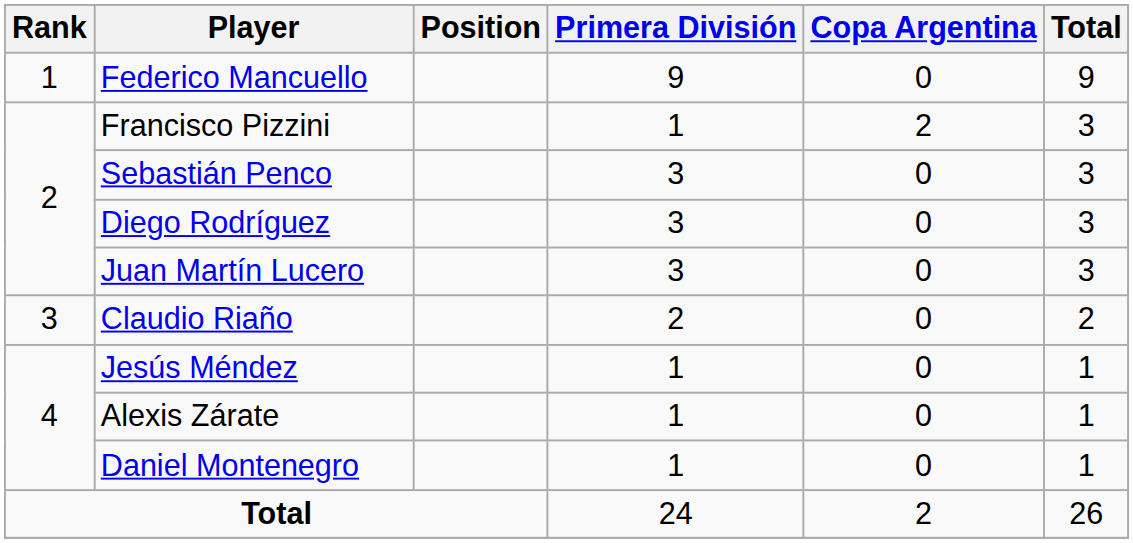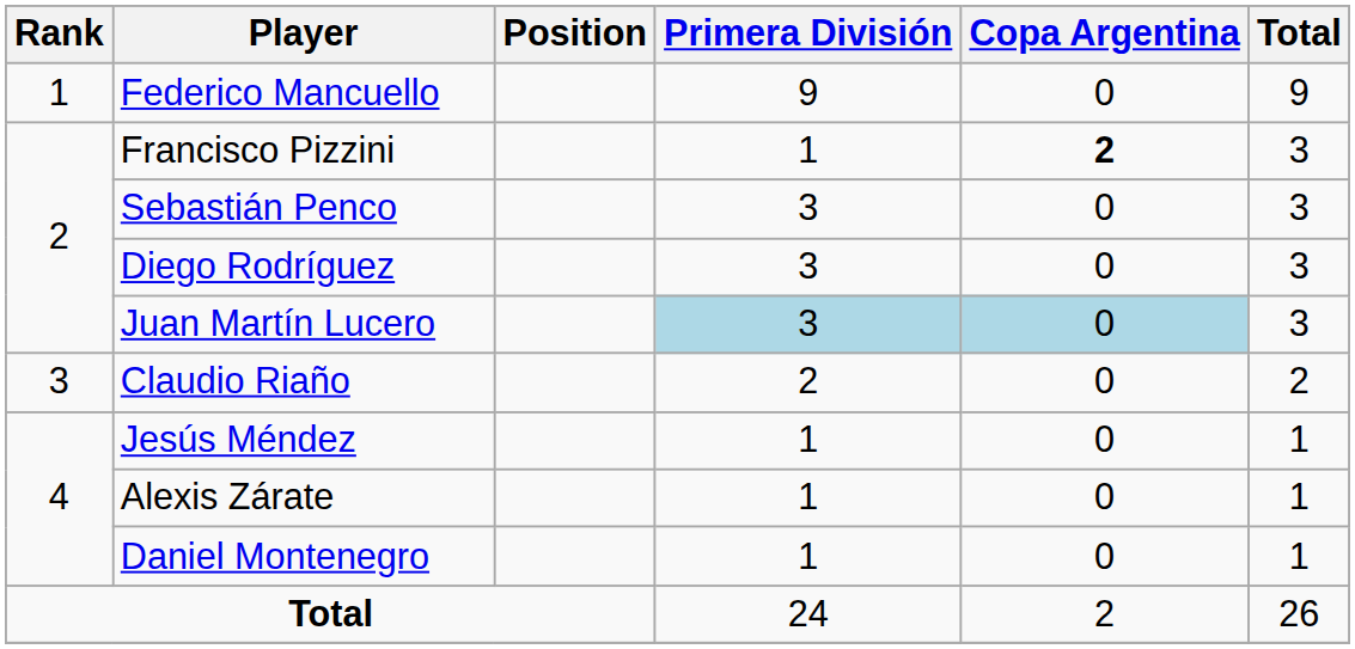 <table class="wikitable">
 <tr>
 <th>Rank</th>
 <th style="width:160px;">Player</th>
 <th>Position</th>
 <th><a href='#'>Primera División</a></th>
 <th><a href='#'>Copa Argentina</a></th>
 <th>Total</th>
 </tr>
 <tr>
 <td align=center>1</td>
 <td> <a href='#'>Federico Mancuello</a></td>
 <td align=center></td>
 <td align=center>9</td>
 <td align=center>0</td>
 <td align=center>9</td>
 </tr>
 <tr>
 <td align=center rowspan=4>2</td>
 <td> Francisco Pizzini</td>
 <td align=center></td>
 <td align=center>1</td>
-<td align=center>2</td>
+<td align=center><strong>2</strong></td>
 <td align=center>3</td>
 </tr>
 <tr>
 <td> <a href='#'>Sebastián Penco</a></td>
 <td align=center></td>
 <td align=center>3</td>
 <td align=center>0</td>
 <td align=center>3</td>
 </tr>
 <tr>
 <td> <a href='#'>Diego Rodríguez</a></td>
 <td align=center></td>
 <td align=center>3</td>
 <td align=center>0</td>
 <td align=center>3</td>
 </tr>
 <tr>
 <td> <a href='#'>Juan Martín Lucero</a></td>
 <td align=center></td>
-<td align=center>3</td>
-<td align=center>0</td>
+<td align=center style="background: lightblue;">3</td>
+<td align=center style="background: lightblue;">0</td>
 <td align=center>3</td>
 </tr>
 <tr>
 <td align=center>3</td>
 <td> <a href='#'>Claudio Riaño</a></td>
 <td align=center></td>
 <td align=center>2</td>
 <td align=center>0</td>
 <td align=center>2</td>
 </tr>
 <tr>
 <td align=center rowspan=3>4</td>
 <td> <a href='#'>Jesús Méndez</a></td>
 <td align=center></td>
 <td align=center>1</td>
 <td align=center>0</td>
 <td align=center>1</td>
 </tr>
 <tr>
 <td> Alexis Zárate</td>
 <td align=center></td>
 <td align=center>1</td>
 <td align=center>0</td>
 <td align=center>1</td>
 </tr>
 <tr>
 <td> <a href='#'>Daniel Montenegro</a></td>
 <td align=center></td>
 <td align=center>1</td>
 <td align=center>0</td>
 <td align=center>1</td>
 </tr>
 <tr>
 <td align=center colspan=3><strong>Total</strong></td>
 <td align=center>24</td>
 <td align=center>2</td>
 <td align=center>26</td>
 </tr>
 <tr>
 </tr>
 </table>
